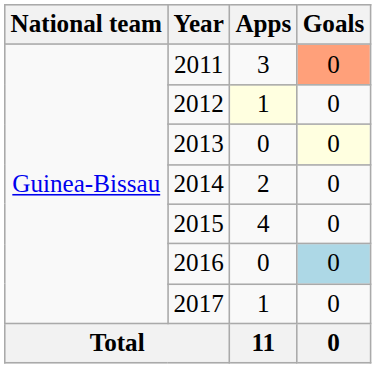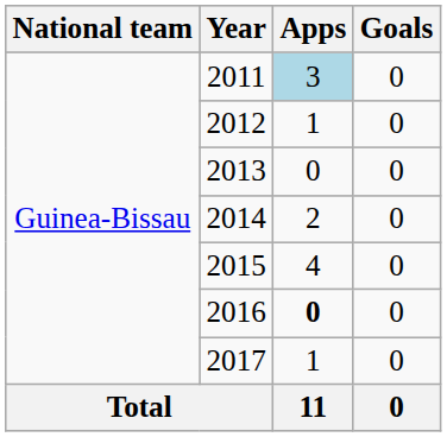 <table class="wikitable" style="text-align:center">
 <tr>
 <th>National team</th>
 <th>Year</th>
 <th>Apps</th>
 <th>Goals</th>
 </tr>
 <tr>
 <td rowspan="7"><a href='#'>Guinea-Bissau</a></td>
 <td>2011</td>
-<td>3</td>
-<td style="background: lightsalmon;">0</td>
+<td style="background: lightblue;">3</td>
+<td>0</td>
 </tr>
 <tr>
 <td>2012</td>
-<td style="background: lightyellow;">1</td>
+<td>1</td>
 <td>0</td>
 </tr>
 <tr>
 <td>2013</td>
 <td>0</td>
-<td style="background: lightyellow;">0</td>
+<td>0</td>
 </tr>
 <tr>
 <td>2014</td>
 <td>2</td>
 <td>0</td>
 </tr>
 <tr>
 <td>2015</td>
 <td>4</td>
 <td>0</td>
 </tr>
 <tr>
 <td>2016</td>
+<td><strong>0</strong></td>
 <td>0</td>
-<td style="background: lightblue;">0</td>
 </tr>
 <tr>
 <td>2017</td>
 <td>1</td>
 <td>0</td>
 </tr>
 <tr>
 <th colspan=2>Total</th>
 <th>11</th>
 <th>0</th>
 </tr>
 </table>
